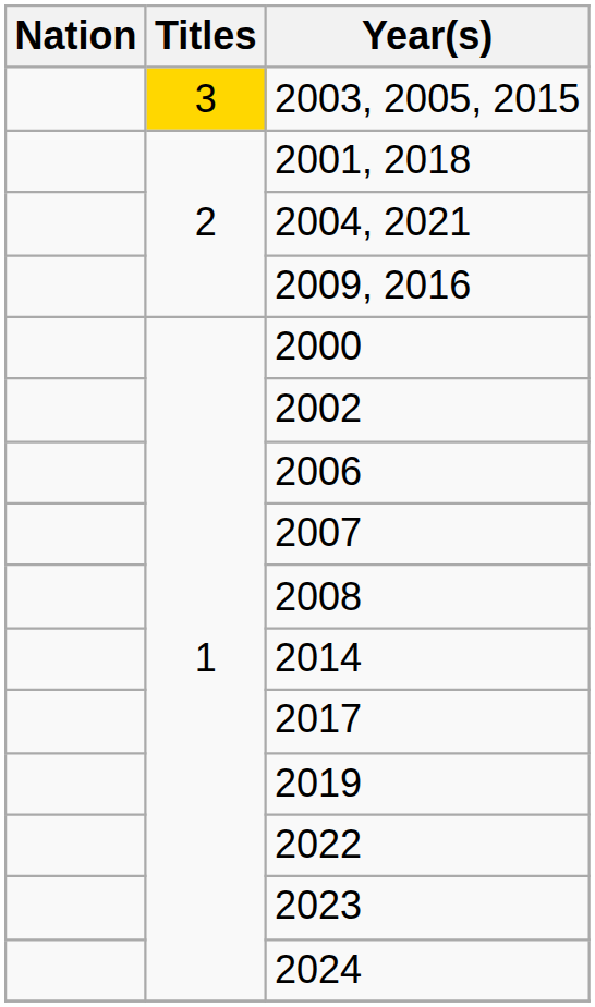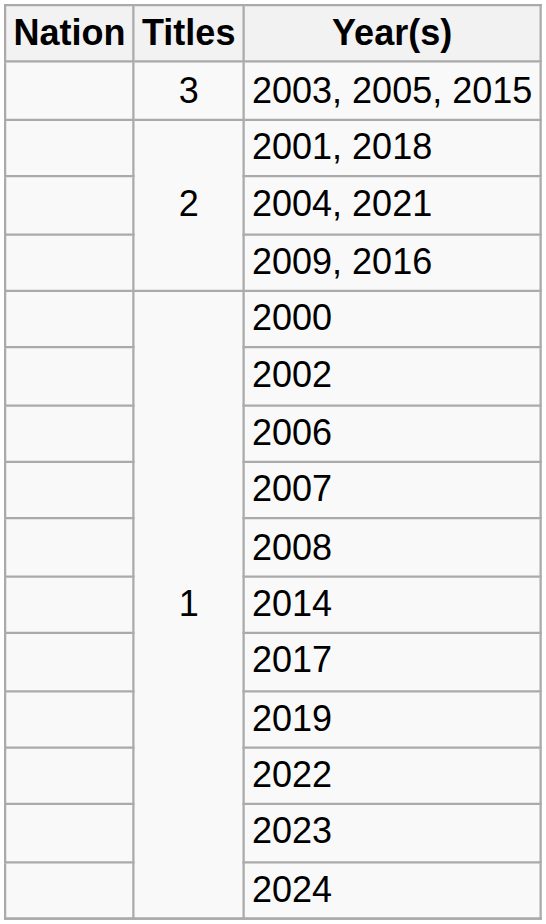 <table class="wikitable" style="text-align:left;">
 <tr>
 <th>Nation</th>
 <th>Titles</th>
 <th>Year(s)</th>
 </tr>
 <tr>
 <td></td>
-<td align=center style="background: gold;">3</td>
+<td align=center>3</td>
 <td>2003, 2005, 2015</td>
 </tr>
 <tr>
 <td></td>
 <td rowspan=3 align=center>2</td>
 <td>2001, 2018</td>
 </tr>
 <tr>
 <td></td>
 <td>2004, 2021</td>
 </tr>
 <tr>
 <td></td>
 <td>2009, 2016</td>
 </tr>
 <tr>
 <td></td>
 <td rowspan=11 align=center>1</td>
 <td>2000</td>
 </tr>
 <tr>
 <td></td>
 <td>2002</td>
 </tr>
 <tr>
 <td></td>
 <td>2006</td>
 </tr>
 <tr>
 <td></td>
 <td>2007</td>
 </tr>
 <tr>
 <td></td>
 <td>2008</td>
 </tr>
 <tr>
 <td></td>
 <td>2014</td>
 </tr>
 <tr>
 <td></td>
 <td>2017</td>
 </tr>
 <tr>
 <td></td>
 <td>2019</td>
 </tr>
 <tr>
 <td></td>
 <td>2022</td>
 </tr>
 <tr>
 <td></td>
 <td>2023</td>
 </tr>
 <tr>
 <td></td>
 <td>2024</td>
 </tr>
 <tr>
 </tr>
 </table>
